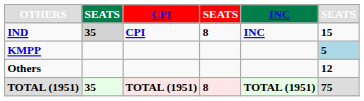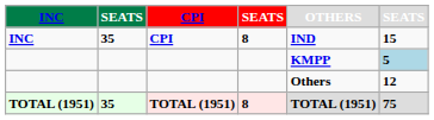 <table class="wikitable" style="font-weight: bold; font-size: x-small; font-family: verdana">
 <tr>
-<th style="background-color:#DDDDDD; color:white">OTHERS</th>
+<th style="background-color:#007D48; color:white"><a href='#'>INC</a></th>
 <th style="background-color:#007D48; color:white">SEATS</th>
 <th style="background-color:#FF0000; color:white"><a href='#'>CPI</a></th>
 <th style="background-color:#FF0000; color:white">SEATS</th>
-<th style="background-color:#007D48; color:white"><a href='#'>INC</a></th>
+<th style="background-color:#DDDDDD; color:white">OTHERS</th>
 <th style="background-color:#DDDDDD; color:white">SEATS</th>
 </tr>
 <tr --->
-<td><a href='#'>IND</a></td>
-<td style="background: lightgrey;">35</td>
+<td><a href='#'>INC</a></td>
+<td>35</td>
 <td><a href='#'>CPI</a></td>
 <td>8</td>
-<td><a href='#'>INC</a></td>
+<td><a href='#'>IND</a></td>
 <td>15</td>
 </tr>
 <tr --->
-<td><a href='#'>KMPP</a></td>
 <td></td>
 <td></td>
 <td></td>
 <td></td>
+<td><a href='#'>KMPP</a></td>
 <td style="background: lightblue;">5</td>
 </tr>
 <tr --->
-<td>Others</td>
 <td></td>
 <td></td>
 <td></td>
 <td></td>
+<td>Others</td>
 <td>12</td>
 </tr>
 <tr --->
-<td bgcolor=#DDDDDD>TOTAL (1951)</td>
+<td bgcolor=#E6FFE6>TOTAL (1951)</td>
 <td bgcolor=#E6FFE6>35</td>
 <td bgcolor=#FFE6E6>TOTAL (1951)</td>
 <td bgcolor=#FFE6E6>8</td>
-<td bgcolor=#E6FFE6>TOTAL (1951)</td>
+<td bgcolor=#DDDDDD>TOTAL (1951)</td>
 <td bgcolor=#DDDDDD>75</td>
 </tr>
 </table>
